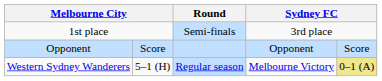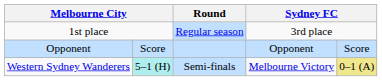 <table class="wikitable" style="text-align:center">
 <tr>
 <th colspan="2"><a href='#'>Melbourne City</a></th>
 <th>Round</th>
 <th colspan="4"><a href='#'>Sydney FC</a></th>
 </tr>
 <tr>
 <td colspan="2" valign="top">1st place</td>
-<td style="background:#c1e0ff">Semi-finals</td>
+<td style="background:#c1e0ff"><a href='#'>Regular season</a></td>
 <td colspan="4" valign="top">3rd place</td>
 </tr>
 <tr>
 <td style="background:#c1e0ff">Opponent</td>
 <td style="background:#c1e0ff">Score</td>
 <td style="background:#c1e0ff"></td>
 <td style="background:#c1e0ff">Opponent</td>
 <td style="background:#c1e0ff">Score</td>
 </tr>
 <tr>
 <td><a href='#'>Western Sydney Wanderers</a></td>
-<td>5–1 (H)</td>
-<td style="background:#c1e0ff"><a href='#'>Regular season</a></td>
+<td style="background: paleturquoise;">5–1 (H)</td>
+<td style="background:#c1e0ff">Semi-finals</td>
 <td><a href='#'>Melbourne Victory</a></td>
 <td style="background: khaki;">0–1 (A)</td>
 </tr>
 </table>
